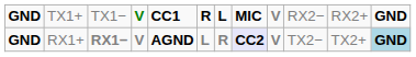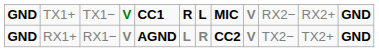 <table class="wikitable">
 <tr>
 <td><strong>GND</strong></td>
 <td style="color:gray">TX1+</td>
 <td style="color:gray">TX1−</td>
 <td style="color:GREEN"><strong>V</strong></td>
 <td><strong>CC1</strong></td>
 <td><strong>R</strong></td>
 <td><strong>L</strong></td>
 <td><strong>MIC</strong></td>
 <td style="color:gray"><strong>V</strong></td>
 <td style="color:gray">RX2−</td>
 <td style="color:gray">RX2+</td>
 <td><strong>GND</strong></td>
 </tr>
 <tr -->
 <td><strong>GND</strong></td>
 <td style="color:gray">RX1+</td>
-<td style="color:gray"><strong>RX1−</strong></td>
+<td style="color:gray">RX1−</td>
 <td style="color:gray"><strong>V</strong></td>
 <td><strong>AGND</strong></td>
 <td style="color:gray"><strong>L</strong></td>
 <td style="color:gray"><strong>R</strong></td>
-<td style="background: lavender;"><strong>CC2</strong></td>
+<td><strong>CC2</strong></td>
 <td style="color:gray"><strong>V</strong></td>
 <td style="color:gray">TX2−</td>
 <td style="color:gray">TX2+</td>
-<td style="background: lightblue;"><strong>GND</strong></td>
+<td><strong>GND</strong></td>
 </tr>
 </table>
